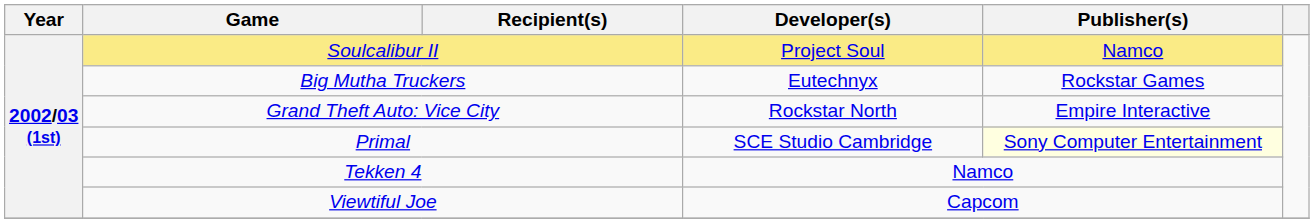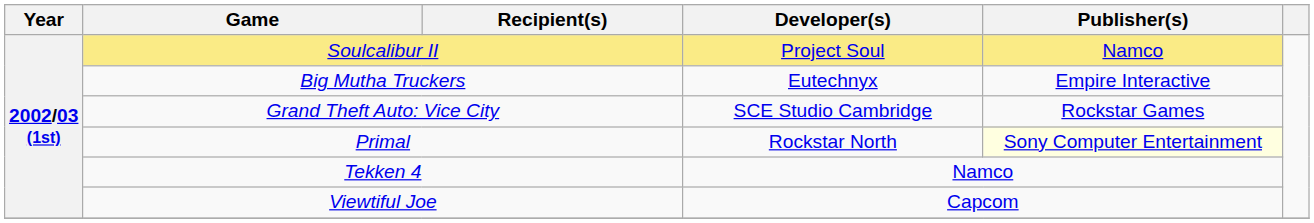 <table class="wikitable" rowspan=2 style="text-align: center;">
 <tr style="background:#bebebe;">
 <th scope="col" style="width:6%;">Year</th>
 <th scope="col" style="width:26%;">Game</th>
 <th scope="col" style="width:20%;">Recipient(s)</th>
 <th scope="col" style="width:23%;">Developer(s)</th>
 <th scope="col" style="width:23%;">Publisher(s)</th>
 <th scope="col" style="width:2%;" class="unsortable"></th>
 </tr>
 <tr>
 <th scope="row" rowspan="6" style="text-align:center"><a href='#'>2002</a>/<a href='#'>03</a> <br><small><a href='#'>(1st)</a> </small></th>
 <td colspan="2" style="background:#FAEB86"><em><a href='#'>Soulcalibur II</a></em></td>
 <td style="background:#FAEB86"><a href='#'>Project Soul</a></td>
 <td style="background:#FAEB86"><a href='#'>Namco</a></td>
 <td rowspan="6"></td>
 </tr>
 <tr>
 <td colspan="2"><em><a href='#'>Big Mutha Truckers</a></em></td>
 <td><a href='#'>Eutechnyx</a></td>
+<td><a href='#'>Empire Interactive</a></td>
+</tr>
+<tr>
+<td colspan="2"><em><a href='#'>Grand Theft Auto: Vice City</a></em></td>
+<td><a href='#'>SCE Studio Cambridge</a></td>
 <td><a href='#'>Rockstar Games</a></td>
 </tr>
 <tr>
-<td colspan="2"><em><a href='#'>Grand Theft Auto: Vice City</a></em></td>
+<td colspan="2"><em><a href='#'>Primal</a></em></td>
 <td><a href='#'>Rockstar North</a></td>
-<td><a href='#'>Empire Interactive</a></td>
-</tr>
-<tr>
-<td colspan="2"><em><a href='#'>Primal</a></em></td>
-<td><a href='#'>SCE Studio Cambridge</a></td>
 <td style="background: lightyellow;"><a href='#'>Sony Computer Entertainment</a></td>
 </tr>
 <tr>
 <td colspan="2"><em><a href='#'>Tekken 4</a></em></td>
 <td colspan="2"><a href='#'>Namco</a></td>
 </tr>
 <tr>
 <td colspan="2"><em><a href='#'>Viewtiful Joe</a></em></td>
 <td colspan="2"><a href='#'>Capcom</a></td>
 </tr>
 <tr>
 </tr>
 </table>
